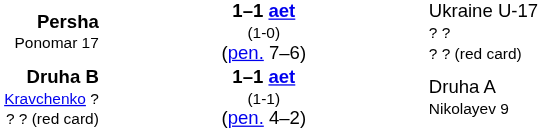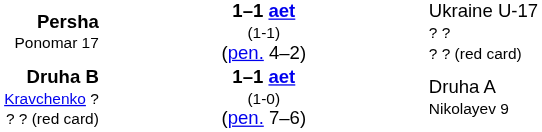 <table width=100% cellspacing=1>
 <tr>
 <th width=20%></th>
 <th width=20%></th>
 <th width=20%></th>
 <th></th>
 </tr>
 <tr style=font-size:90%>
 <td align=right><strong>Persha</strong><br><small>Ponomar 17</small></td>
-<td align=center><strong>1–1 <a href='#'>aet</a></strong><br><small>(1-0)</small><br>(<a href='#'>pen.</a> 7–6)</td>
+<td align=center><strong>1–1 <a href='#'>aet</a></strong><br><small>(1-1)</small><br>(<a href='#'>pen.</a> 4–2)</td>
 <td>Ukraine U-17<br><small>? ?</small><br><small>? ? (red card)</small></td>
 <td></td>
 </tr>
 <tr style=font-size:90%>
 <td align=right><strong>Druha B</strong><br><small><a href='#'>Kravchenko</a> ?</small><br><small>? ? (red card)</small></td>
-<td align=center><strong>1–1 <a href='#'>aet</a></strong><br><small>(1-1)</small><br>(<a href='#'>pen.</a> 4–2)</td>
+<td align=center><strong>1–1 <a href='#'>aet</a></strong><br><small>(1-0)</small><br>(<a href='#'>pen.</a> 7–6)</td>
 <td>Druha A<br><small>Nikolayev 9</small></td>
 <td></td>
 </tr>
 </table>
